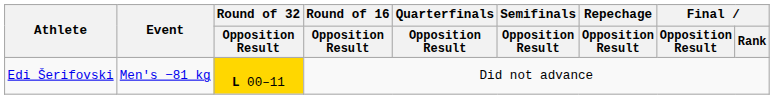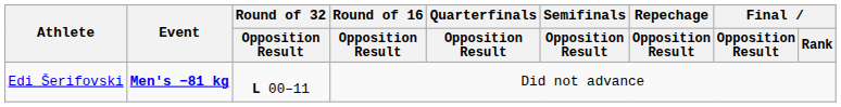 <table class="wikitable" style="font-size:90%">
 <tr>
 <th rowspan="2">Athlete</th>
 <th rowspan="2">Event</th>
 <th>Round of 32</th>
 <th>Round of 16</th>
 <th>Quarterfinals</th>
 <th>Semifinals</th>
 <th>Repechage</th>
 <th colspan=2>Final / </th>
 </tr>
 <tr style="font-size:95%">
 <th>Opposition<br>Result</th>
 <th>Opposition<br>Result</th>
 <th>Opposition<br>Result</th>
 <th>Opposition<br>Result</th>
 <th>Opposition<br>Result</th>
 <th>Opposition<br>Result</th>
 <th>Rank</th>
 </tr>
 <tr align=center>
 <td align=left><a href='#'>Edi Šerifovski</a></td>
-<td align=left><a href='#'>Men's −81 kg</a></td>
-<td style="background: gold;"><br><strong>L</strong> 00–11</td>
+<td align=left><strong><a href='#'>Men's −81 kg</a></strong></td>
+<td><br><strong>L</strong> 00–11</td>
 <td colspan=6>Did not advance</td>
 </tr>
 </table>
